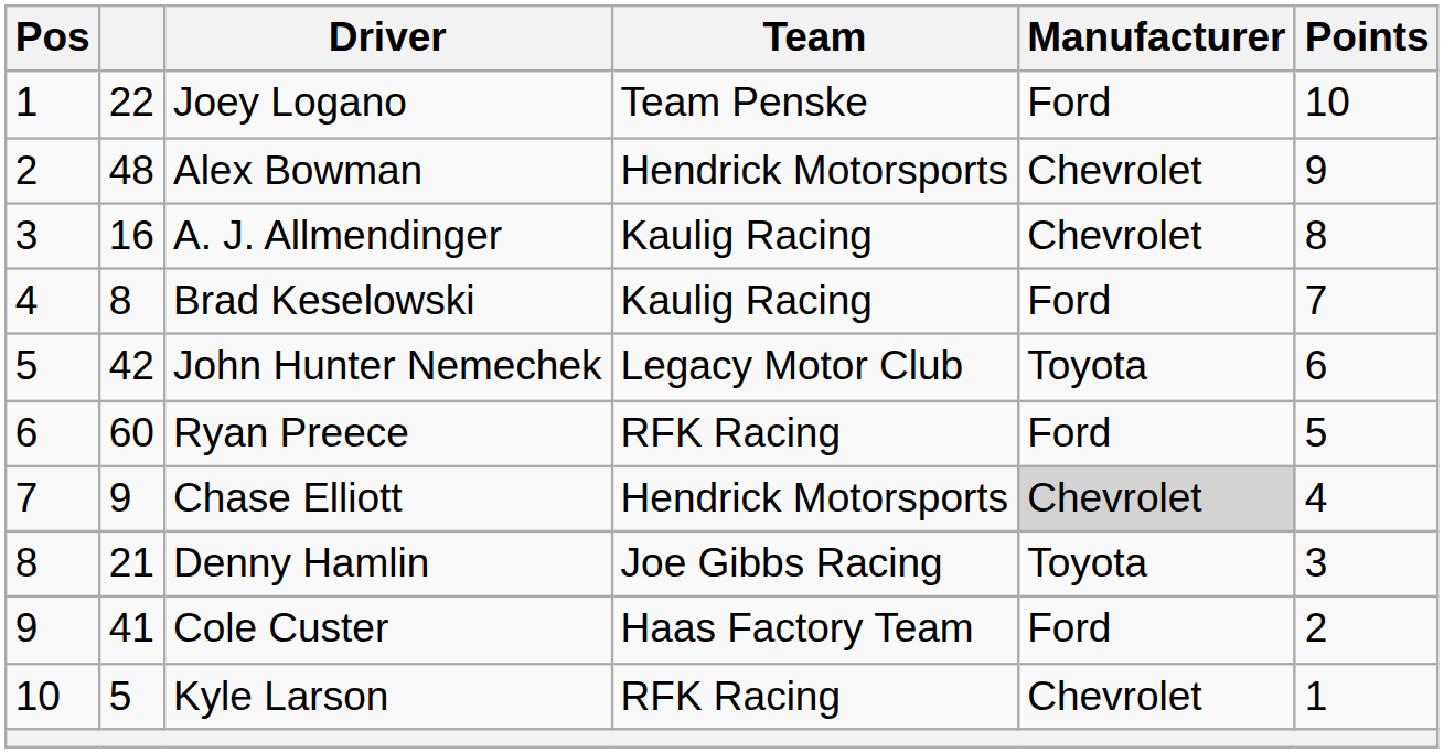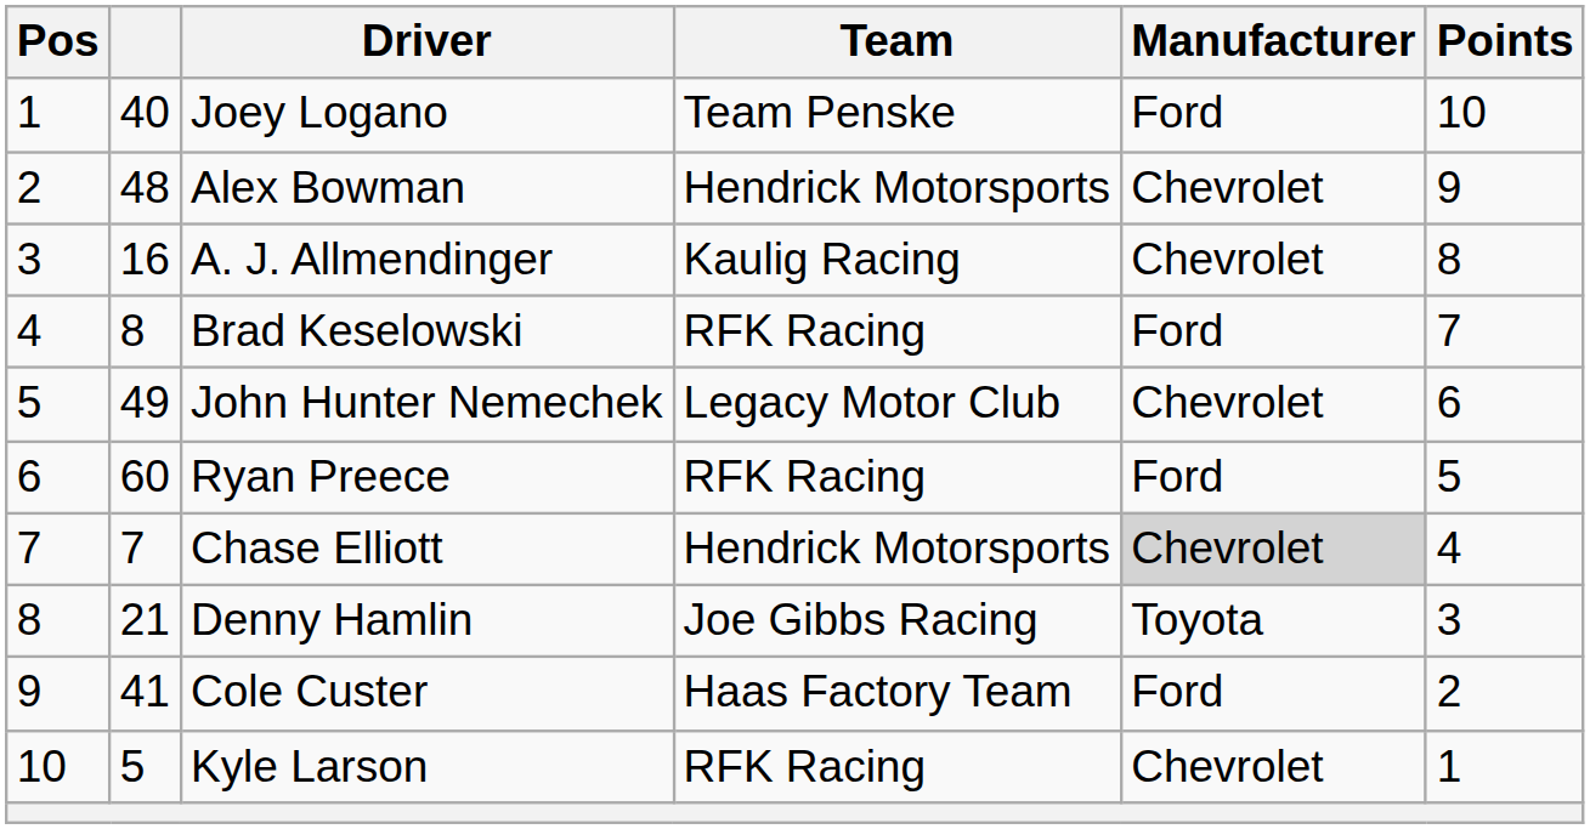 <table class="wikitable" style="font-size:98%">
 <tr>
 <th>Pos</th>
 <th></th>
 <th>Driver</th>
 <th>Team</th>
 <th>Manufacturer</th>
 <th>Points</th>
 </tr>
 <tr>
 <td>1</td>
-<td>22</td>
+<td>40</td>
 <td>Joey Logano</td>
 <td>Team Penske</td>
 <td>Ford</td>
 <td>10</td>
 </tr>
 <tr>
 <td>2</td>
 <td>48</td>
 <td>Alex Bowman</td>
 <td>Hendrick Motorsports</td>
 <td>Chevrolet</td>
 <td>9</td>
 </tr>
 <tr>
 <td>3</td>
 <td>16</td>
 <td>A. J. Allmendinger</td>
 <td>Kaulig Racing</td>
 <td>Chevrolet</td>
 <td>8</td>
 </tr>
 <tr>
 <td>4</td>
 <td>8</td>
 <td>Brad Keselowski</td>
-<td>Kaulig Racing</td>
+<td>RFK Racing</td>
 <td>Ford</td>
 <td>7</td>
 </tr>
 <tr>
 <td>5</td>
-<td>42</td>
+<td>49</td>
 <td>John Hunter Nemechek</td>
 <td>Legacy Motor Club</td>
-<td>Toyota</td>
+<td>Chevrolet</td>
 <td>6</td>
 </tr>
 <tr>
 <td>6</td>
 <td>60</td>
 <td>Ryan Preece</td>
 <td>RFK Racing</td>
 <td>Ford</td>
 <td>5</td>
 </tr>
 <tr>
 <td>7</td>
-<td>9</td>
+<td>7</td>
 <td>Chase Elliott</td>
 <td>Hendrick Motorsports</td>
 <td style="background: lightgrey;">Chevrolet</td>
 <td>4</td>
 </tr>
 <tr>
 <td>8</td>
 <td>21</td>
 <td>Denny Hamlin</td>
 <td>Joe Gibbs Racing</td>
 <td>Toyota</td>
 <td>3</td>
 </tr>
 <tr>
 <td>9</td>
 <td>41</td>
 <td>Cole Custer</td>
 <td>Haas Factory Team</td>
 <td>Ford</td>
 <td>2</td>
 </tr>
 <tr>
 <td>10</td>
 <td>5</td>
 <td>Kyle Larson</td>
 <td>RFK Racing</td>
 <td>Chevrolet</td>
 <td>1</td>
 </tr>
 <tr>
 <th colspan="6"></th>
 </tr>
 </table>
